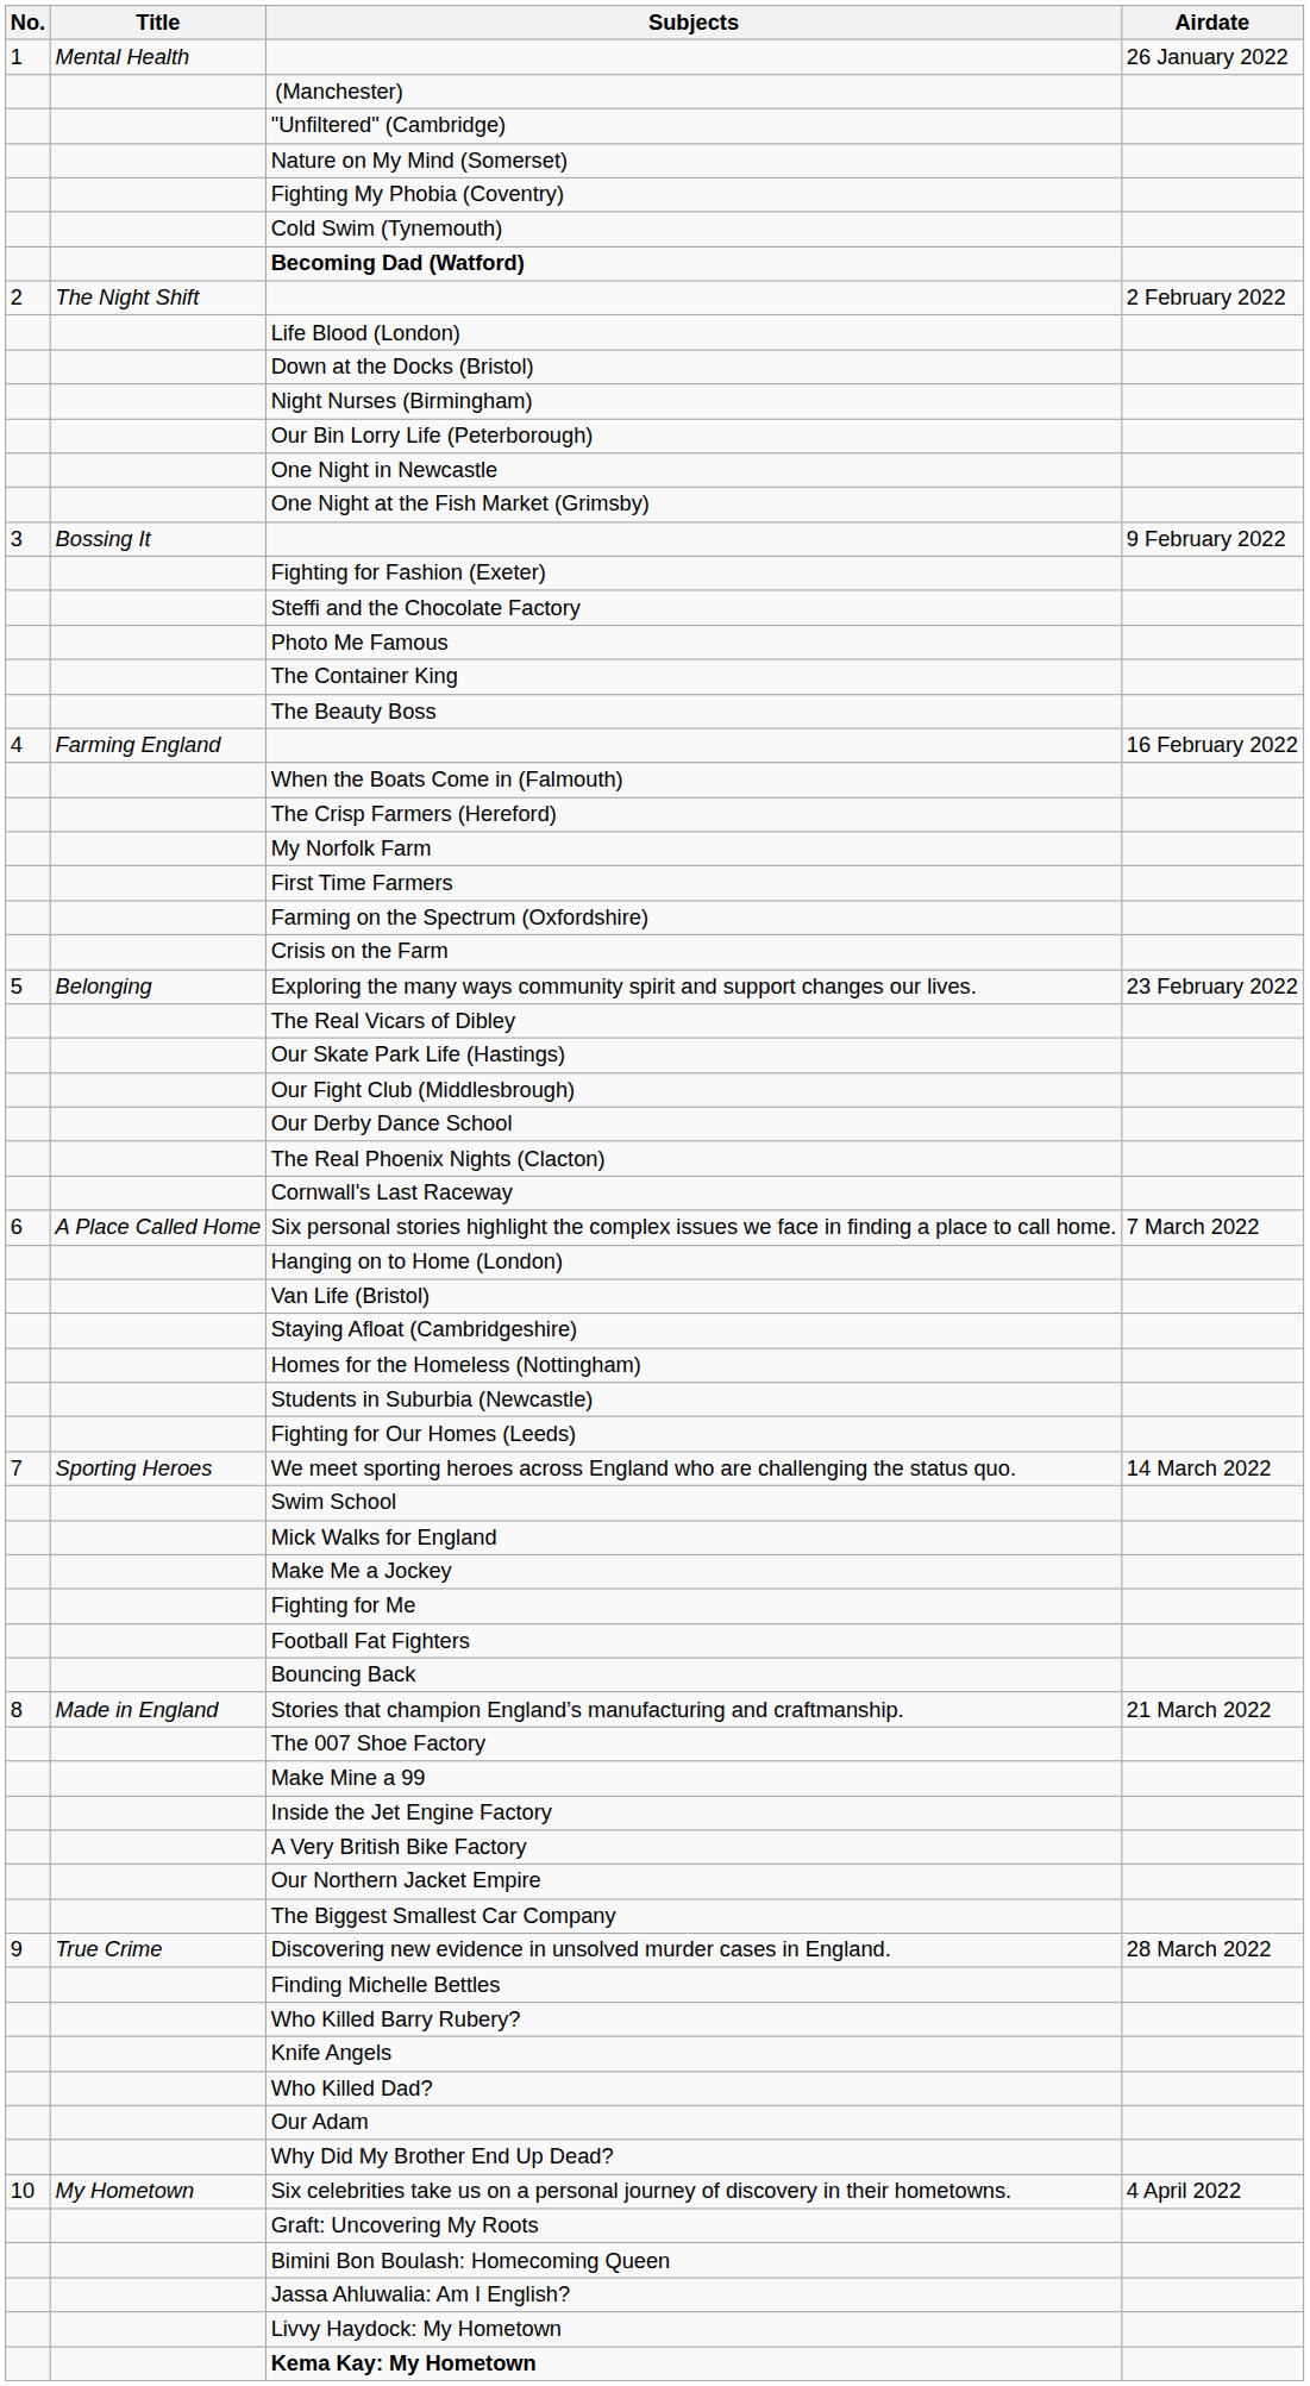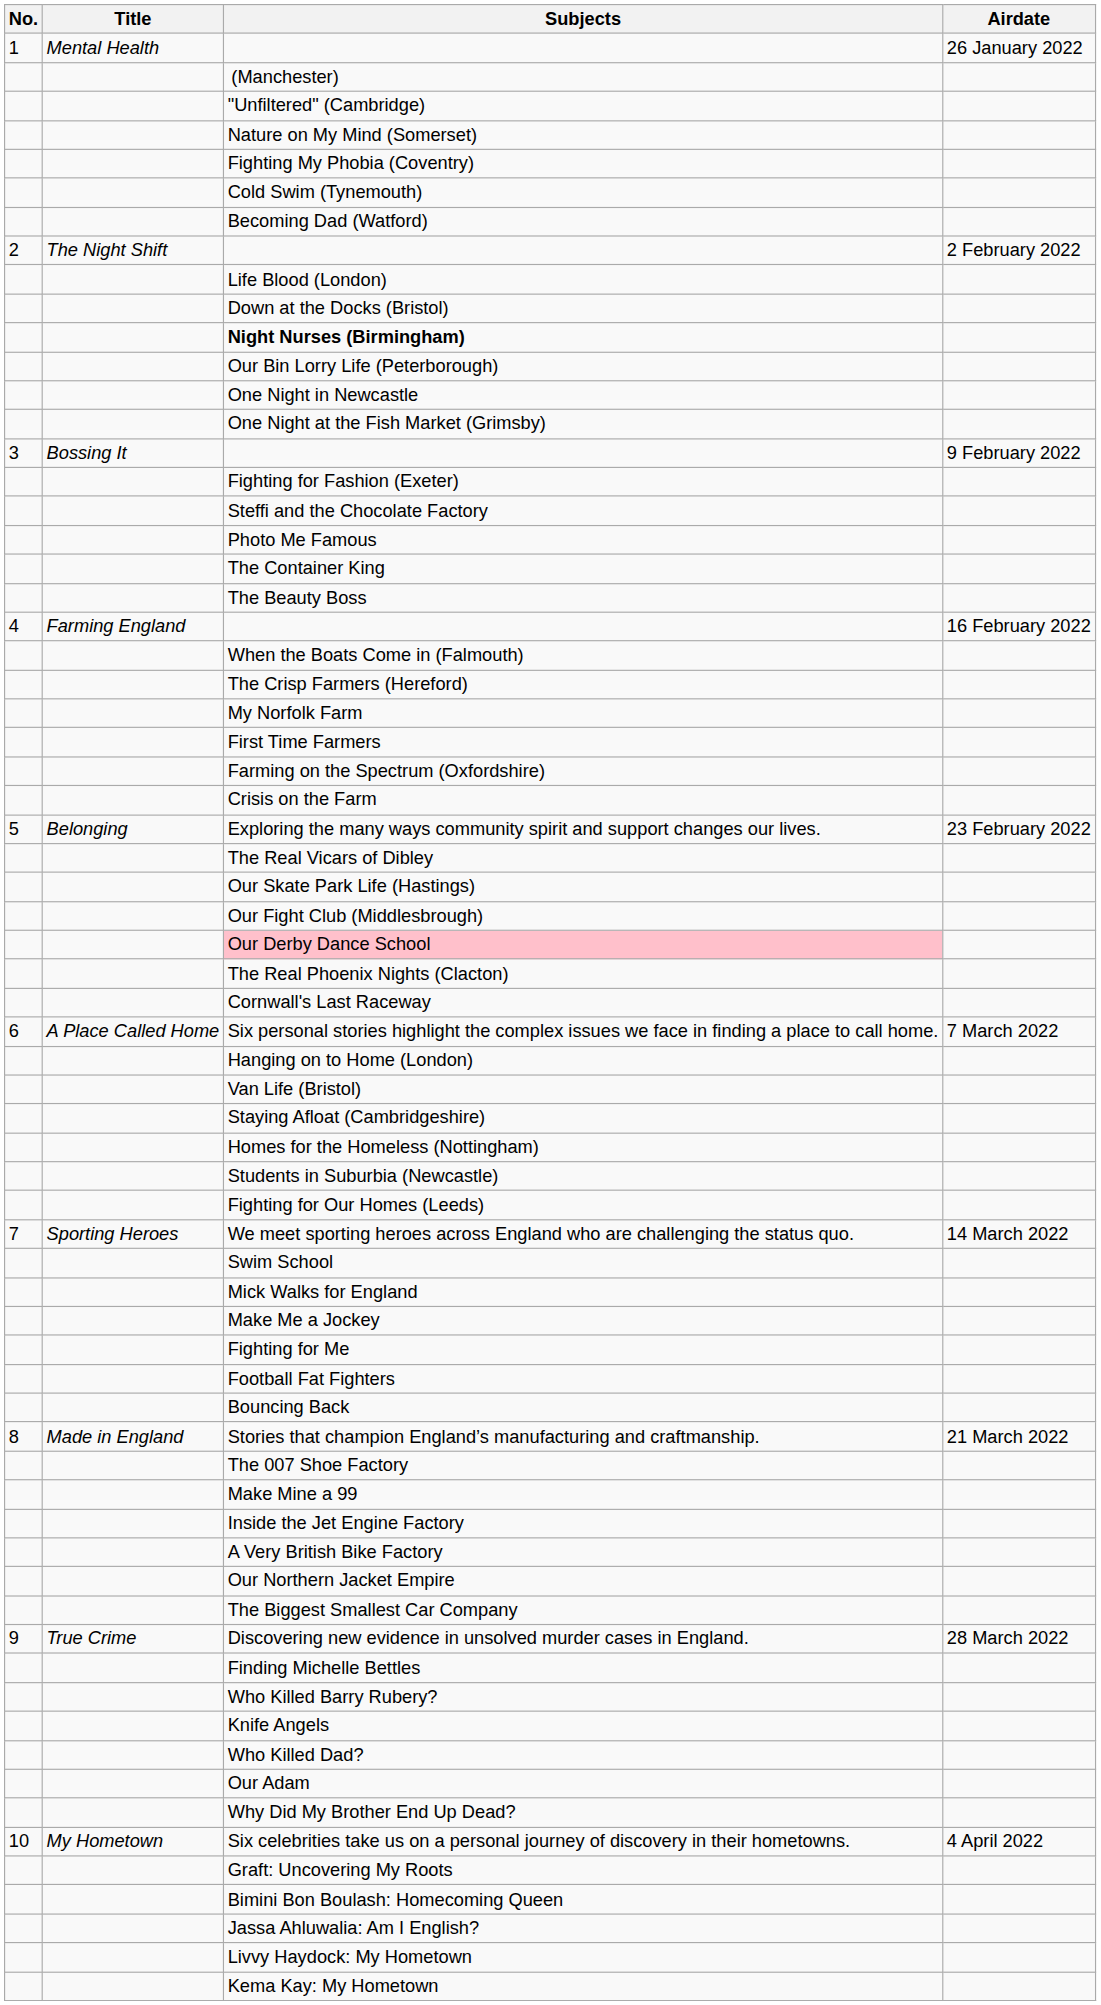 <table class="wikitable sortable">
 <tr>
 <th>No.</th>
 <th>Title</th>
 <th>Subjects</th>
 <th>Airdate</th>
 </tr>
 <tr>
 <td>1</td>
 <td><em>Mental Health</em></td>
 <td></td>
 <td>26 January 2022</td>
 </tr>
 <tr>
 <td></td>
 <td></td>
 <td> (Manchester)</td>
 <td></td>
 </tr>
 <tr>
 <td></td>
 <td></td>
 <td>"Unfiltered" (Cambridge)</td>
 <td></td>
 </tr>
 <tr>
 <td></td>
 <td></td>
 <td>Nature on My Mind (Somerset)</td>
 <td></td>
 </tr>
 <tr>
 <td></td>
 <td></td>
 <td>Fighting My Phobia (Coventry)</td>
 <td></td>
 </tr>
 <tr>
 <td></td>
 <td></td>
 <td>Cold Swim (Tynemouth)</td>
 <td></td>
 </tr>
 <tr>
 <td></td>
 <td></td>
-<td><strong>Becoming Dad (Watford)</strong></td>
+<td>Becoming Dad (Watford)</td>
 <td></td>
 </tr>
 <tr>
 <td>2</td>
 <td><em>The Night Shift</em></td>
 <td></td>
 <td>2 February 2022</td>
 </tr>
 <tr>
 <td></td>
 <td></td>
 <td>Life Blood (London)</td>
 <td></td>
 </tr>
 <tr>
 <td></td>
 <td></td>
 <td>Down at the Docks (Bristol)</td>
 <td></td>
 </tr>
 <tr>
 <td></td>
 <td></td>
-<td>Night Nurses (Birmingham)</td>
+<td><strong>Night Nurses (Birmingham)</strong></td>
 <td></td>
 </tr>
 <tr>
 <td></td>
 <td></td>
 <td>Our Bin Lorry Life (Peterborough)</td>
 <td></td>
 </tr>
 <tr>
 <td></td>
 <td></td>
 <td>One Night in Newcastle</td>
 <td></td>
 </tr>
 <tr>
 <td></td>
 <td></td>
 <td>One Night at the Fish Market (Grimsby)</td>
 <td></td>
 </tr>
 <tr>
 <td>3</td>
 <td><em>Bossing It</em></td>
 <td></td>
 <td>9 February 2022</td>
 </tr>
 <tr>
 <td></td>
 <td></td>
 <td>Fighting for Fashion (Exeter)</td>
 <td></td>
 </tr>
 <tr>
 <td></td>
 <td></td>
 <td>Steffi and the Chocolate Factory</td>
 <td></td>
 </tr>
 <tr>
 <td></td>
 <td></td>
 <td>Photo Me Famous</td>
 <td></td>
 </tr>
 <tr>
 <td></td>
 <td></td>
 <td>The Container King</td>
 <td></td>
 </tr>
 <tr>
 <td></td>
 <td></td>
 <td>The Beauty Boss</td>
 <td></td>
 </tr>
 <tr>
 <td>4</td>
 <td><em>Farming England</em></td>
 <td></td>
 <td>16 February 2022</td>
 </tr>
 <tr>
 <td></td>
 <td></td>
 <td>When the Boats Come in (Falmouth)</td>
 <td></td>
 </tr>
 <tr>
 <td></td>
 <td></td>
 <td>The Crisp Farmers (Hereford)</td>
 <td></td>
 </tr>
 <tr>
 <td></td>
 <td></td>
 <td>My Norfolk Farm</td>
 <td></td>
 </tr>
 <tr>
 <td></td>
 <td></td>
 <td>First Time Farmers</td>
 <td></td>
 </tr>
 <tr>
 <td></td>
 <td></td>
 <td>Farming on the Spectrum (Oxfordshire)</td>
 <td></td>
 </tr>
 <tr>
 <td></td>
 <td></td>
 <td>Crisis on the Farm</td>
 <td></td>
 </tr>
 <tr>
 <td>5</td>
 <td><em>Belonging</em></td>
 <td>Exploring the many ways community spirit and support changes our lives.</td>
 <td>23 February 2022</td>
 </tr>
 <tr>
 <td></td>
 <td></td>
 <td>The Real Vicars of Dibley</td>
 <td></td>
 </tr>
 <tr>
 <td></td>
 <td></td>
 <td>Our Skate Park Life (Hastings)</td>
 <td></td>
 </tr>
 <tr>
 <td></td>
 <td></td>
 <td>Our Fight Club (Middlesbrough)</td>
 <td></td>
 </tr>
 <tr>
 <td></td>
 <td></td>
-<td>Our Derby Dance School</td>
+<td style="background: pink;">Our Derby Dance School</td>
 <td></td>
 </tr>
 <tr>
 <td></td>
 <td></td>
 <td>The Real Phoenix Nights (Clacton)</td>
 <td></td>
 </tr>
 <tr>
 <td></td>
 <td></td>
 <td>Cornwall's Last Raceway</td>
 <td></td>
 </tr>
 <tr>
 <td>6</td>
 <td><em>A Place Called Home</em></td>
 <td>Six personal stories highlight the complex issues we face in finding a place to call home.</td>
 <td>7 March 2022</td>
 </tr>
 <tr>
 <td></td>
 <td></td>
 <td>Hanging on to Home (London)</td>
 <td></td>
 </tr>
 <tr>
 <td></td>
 <td></td>
 <td>Van Life (Bristol)</td>
 <td></td>
 </tr>
 <tr>
 <td></td>
 <td></td>
 <td>Staying Afloat (Cambridgeshire)</td>
 <td></td>
 </tr>
 <tr>
 <td></td>
 <td></td>
 <td>Homes for the Homeless (Nottingham)</td>
 <td></td>
 </tr>
 <tr>
 <td></td>
 <td></td>
 <td>Students in Suburbia (Newcastle)</td>
 <td></td>
 </tr>
 <tr>
 <td></td>
 <td></td>
 <td>Fighting for Our Homes (Leeds)</td>
 <td></td>
 </tr>
 <tr>
 <td>7</td>
 <td><em>Sporting Heroes</em></td>
 <td>We meet sporting heroes across England who are challenging the status quo.</td>
 <td>14 March 2022</td>
 </tr>
 <tr>
 <td></td>
 <td></td>
 <td>Swim School</td>
 <td></td>
 </tr>
 <tr>
 <td></td>
 <td></td>
 <td>Mick Walks for England</td>
 <td></td>
 </tr>
 <tr>
 <td></td>
 <td></td>
 <td>Make Me a Jockey</td>
 <td></td>
 </tr>
 <tr>
 <td></td>
 <td></td>
 <td>Fighting for Me</td>
 <td></td>
 </tr>
 <tr>
 <td></td>
 <td></td>
 <td>Football Fat Fighters</td>
 <td></td>
 </tr>
 <tr>
 <td></td>
 <td></td>
 <td>Bouncing Back</td>
 <td></td>
 </tr>
 <tr>
 <td>8</td>
 <td><em>Made in England</em></td>
 <td>Stories that champion England’s manufacturing and craftmanship.</td>
 <td>21 March 2022</td>
 </tr>
 <tr>
 <td></td>
 <td></td>
 <td>The 007 Shoe Factory</td>
 <td></td>
 </tr>
 <tr>
 <td></td>
 <td></td>
 <td>Make Mine a 99</td>
 <td></td>
 </tr>
 <tr>
 <td></td>
 <td></td>
 <td>Inside the Jet Engine Factory</td>
 <td></td>
 </tr>
 <tr>
 <td></td>
 <td></td>
 <td>A Very British Bike Factory</td>
 <td></td>
 </tr>
 <tr>
 <td></td>
 <td></td>
 <td>Our Northern Jacket Empire</td>
 <td></td>
 </tr>
 <tr>
 <td></td>
 <td></td>
 <td>The Biggest Smallest Car Company</td>
 <td></td>
 </tr>
 <tr>
 <td>9</td>
 <td><em>True Crime</em></td>
 <td>Discovering new evidence in unsolved murder cases in England.</td>
 <td>28 March 2022</td>
 </tr>
 <tr>
 <td></td>
 <td></td>
 <td>Finding Michelle Bettles</td>
 <td></td>
 </tr>
 <tr>
 <td></td>
 <td></td>
 <td>Who Killed Barry Rubery?</td>
 <td></td>
 </tr>
 <tr>
 <td></td>
 <td></td>
 <td>Knife Angels</td>
 <td></td>
 </tr>
 <tr>
 <td></td>
 <td></td>
 <td>Who Killed Dad?</td>
 <td></td>
 </tr>
 <tr>
 <td></td>
 <td></td>
 <td>Our Adam</td>
 <td></td>
 </tr>
 <tr>
 <td></td>
 <td></td>
 <td>Why Did My Brother End Up Dead?</td>
 <td></td>
 </tr>
 <tr>
 <td>10</td>
 <td><em>My Hometown</em></td>
 <td>Six celebrities take us on a personal journey of discovery in their hometowns.</td>
 <td>4 April 2022</td>
 </tr>
 <tr>
 <td></td>
 <td></td>
 <td>Graft: Uncovering My Roots</td>
 <td></td>
 </tr>
 <tr>
 <td></td>
 <td></td>
 <td>Bimini Bon Boulash: Homecoming Queen</td>
 <td></td>
 </tr>
 <tr>
 <td></td>
 <td></td>
 <td>Jassa Ahluwalia: Am I English?</td>
 <td></td>
 </tr>
 <tr>
 <td></td>
 <td></td>
 <td>Livvy Haydock: My Hometown</td>
 <td></td>
 </tr>
 <tr>
 <td></td>
 <td></td>
-<td><strong>Kema Kay: My Hometown</strong></td>
+<td>Kema Kay: My Hometown</td>
 <td></td>
 </tr>
 <tr>
 </tr>
 </table>
